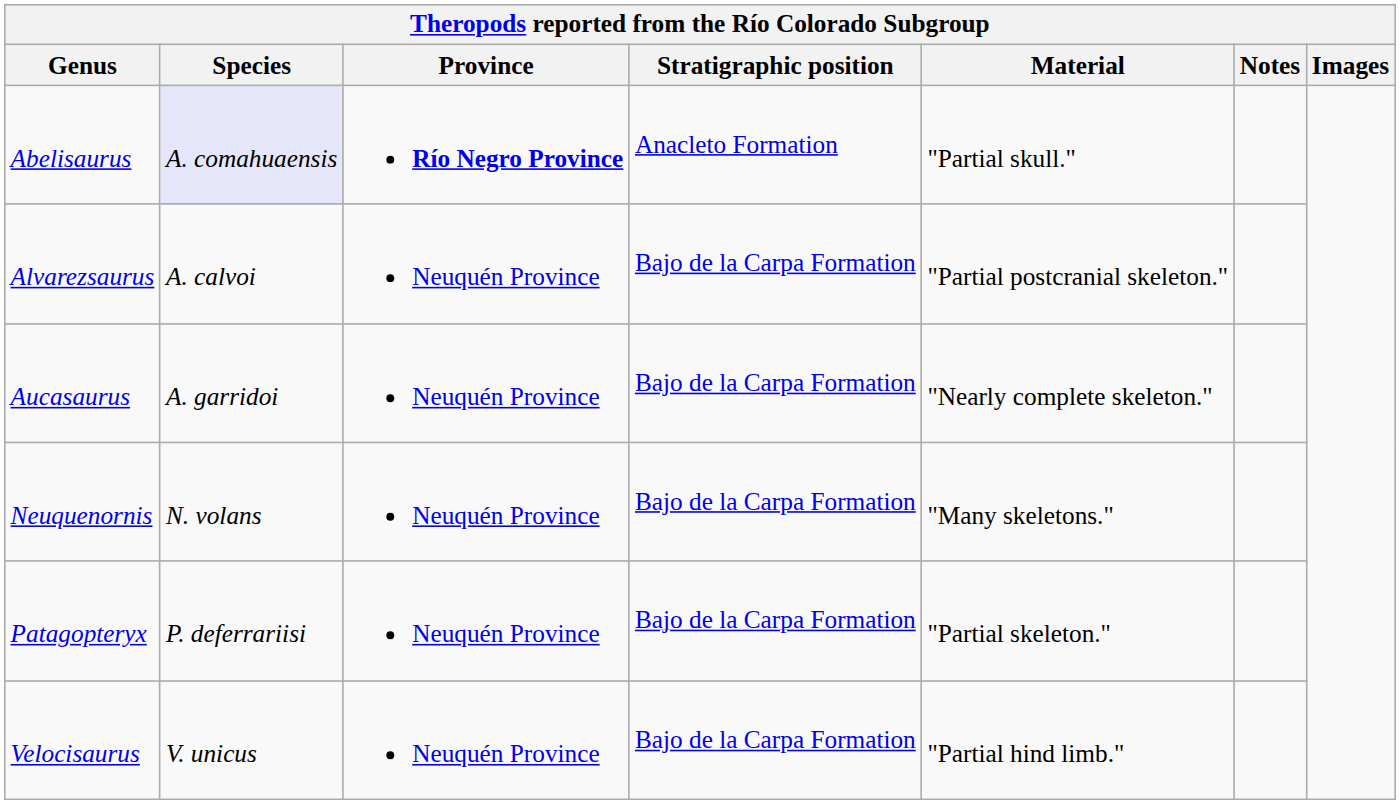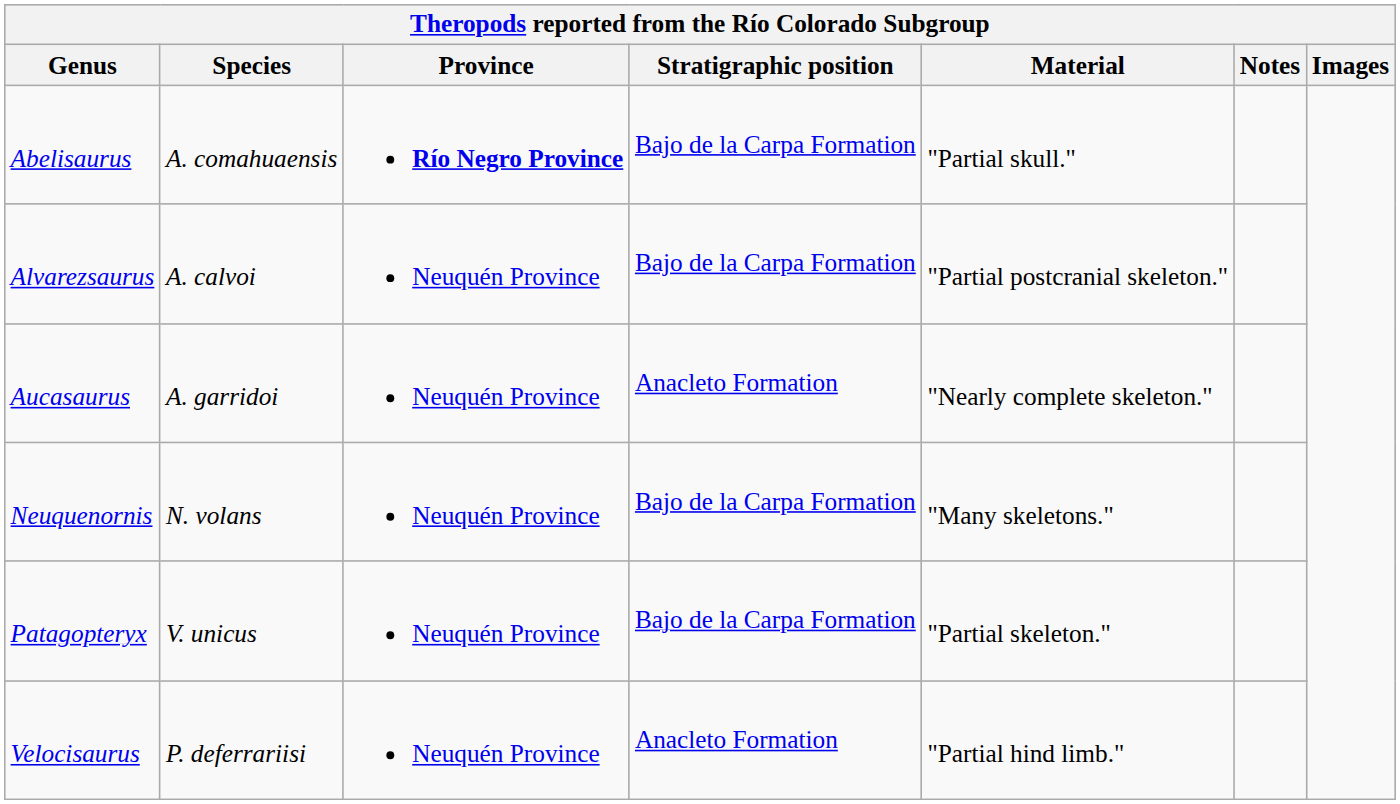 <table class="wikitable" align="center">
 <tr>
 <th colspan="7" align="center"><strong><a href='#'>Theropods</a> reported from the Río Colorado Subgroup</strong></th>
 </tr>
 <tr>
 <th>Genus</th>
 <th>Species</th>
 <th>Province</th>
 <th>Stratigraphic position</th>
 <th>Material</th>
 <th>Notes</th>
 <th>Images</th>
 </tr>
 <tr>
 <td><br><em><a href='#'>Abelisaurus</a></em></td>
-<td style="background: lavender;"><br><em>A. comahuaensis</em></td>
+<td><br><em>A. comahuaensis</em></td>
 <td><strong><br><ul><li><a href='#'>Río Negro Province</a></li></ul></strong></td>
-<td><a href='#'>Anacleto Formation</a></td>
+<td><a href='#'>Bajo de la Carpa Formation</a></td>
 <td><br>"Partial skull."</td>
 <td></td>
 <td rowspan="6"><br>    </td>
 </tr>
 <tr>
 <td><br><em><a href='#'>Alvarezsaurus</a></em></td>
 <td><br><em>A. calvoi</em></td>
 <td><br><ul><li><a href='#'>Neuquén Province</a></li></ul></td>
 <td><a href='#'>Bajo de la Carpa Formation</a></td>
 <td><br>"Partial postcranial skeleton."</td>
 <td></td>
 </tr>
 <tr>
 <td><br><em><a href='#'>Aucasaurus</a></em></td>
 <td><br><em>A. garridoi</em></td>
 <td><br><ul><li><a href='#'>Neuquén Province</a></li></ul></td>
-<td><a href='#'>Bajo de la Carpa Formation</a></td>
+<td><a href='#'>Anacleto Formation</a></td>
 <td><br>"Nearly complete skeleton."</td>
 <td></td>
 </tr>
 <tr>
 <td><br><em><a href='#'>Neuquenornis</a></em></td>
 <td><br><em>N. volans</em></td>
 <td><br><ul><li><a href='#'>Neuquén Province</a></li></ul></td>
 <td><a href='#'>Bajo de la Carpa Formation</a></td>
 <td><br>"Many skeletons."</td>
 <td></td>
 </tr>
 <tr>
 <td><br><em><a href='#'>Patagopteryx</a></em></td>
-<td><br><em>P. deferrariisi</em></td>
+<td><br><em>V. unicus</em></td>
 <td><br><ul><li><a href='#'>Neuquén Province</a></li></ul></td>
 <td><a href='#'>Bajo de la Carpa Formation</a></td>
 <td><br>"Partial skeleton."</td>
 <td></td>
 </tr>
 <tr>
 <td><br><em><a href='#'>Velocisaurus</a></em></td>
-<td><br><em>V. unicus</em></td>
+<td><br><em>P. deferrariisi</em></td>
 <td><br><ul><li><a href='#'>Neuquén Province</a></li></ul></td>
-<td><a href='#'>Bajo de la Carpa Formation</a></td>
+<td><a href='#'>Anacleto Formation</a></td>
 <td><br>"Partial hind limb."</td>
 <td></td>
 </tr>
 <tr>
 </tr>
 </table>
